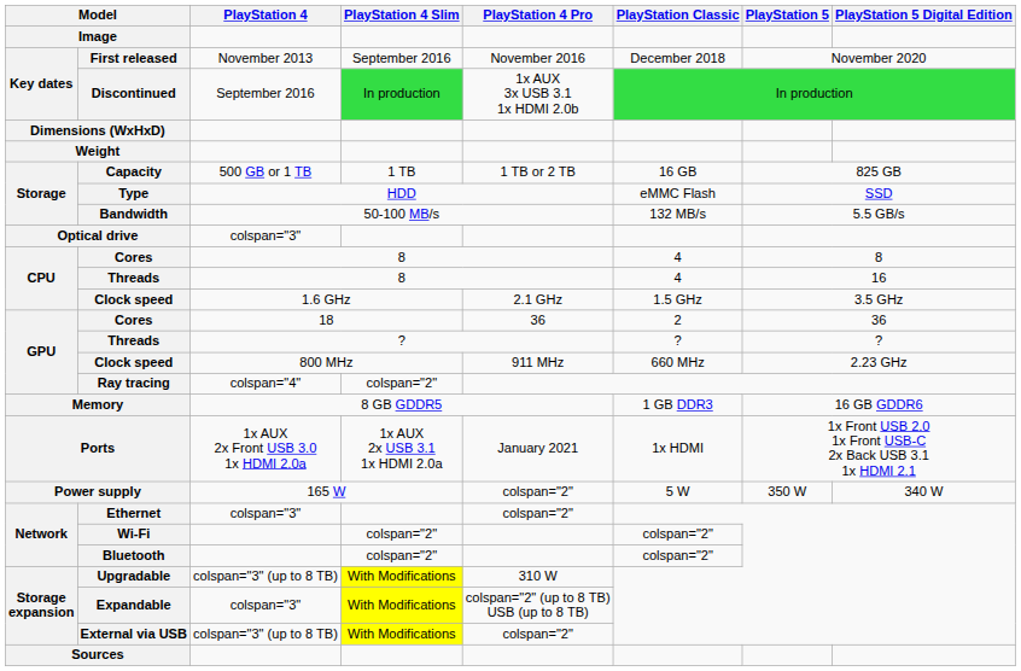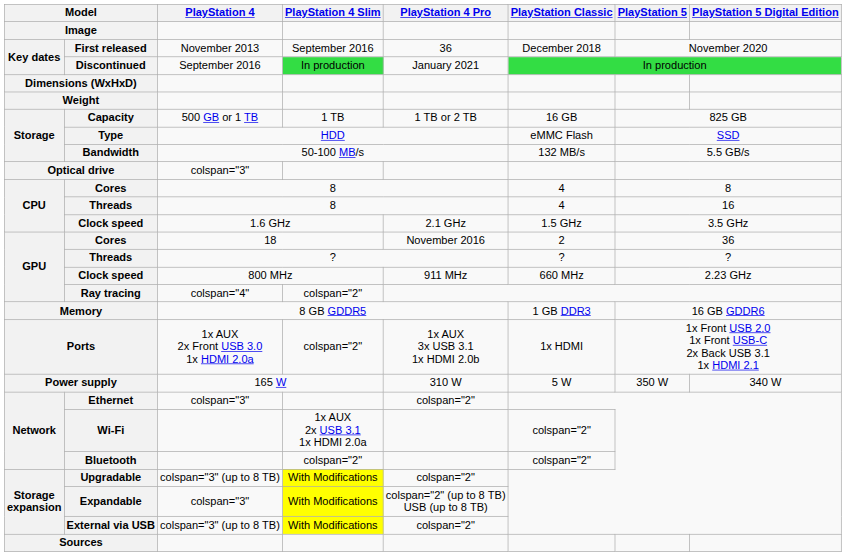 <table class="wikitable mw-collapsible" style="text-align:center;">
 <tr>
 <th colspan="2">Model</th>
 <th><a href='#'>PlayStation 4</a></th>
 <th><a href='#'>PlayStation 4 Slim</a></th>
 <th><a href='#'>PlayStation 4 Pro</a></th>
 <th><a href='#'>PlayStation Classic</a></th>
 <th><a href='#'>PlayStation 5</a></th>
 <th><a href='#'>PlayStation 5 Digital Edition</a></th>
 </tr>
 <tr>
 <th colspan="2">Image</th>
 <td></td>
 <td></td>
 <td></td>
 <td></td>
 <td></td>
 <td></td>
 </tr>
 <tr>
 <th rowspan="2">Key dates</th>
 <th>First released</th>
 <td>November 2013</td>
 <td>September 2016</td>
-<td>November 2016</td>
+<td>36</td>
 <td>December 2018</td>
 <td colspan="2">November 2020</td>
 </tr>
 <tr>
 <th>Discontinued</th>
 <td>September 2016</td>
 <td style="background:#3d4;">In production</td>
-<td>1x AUX<br>3x USB 3.1<br>1x HDMI 2.0b</td>
+<td>January 2021</td>
 <td colspan="3" style="background:#3d4;">In production</td>
 </tr>
 <tr>
 <th colspan="2">Dimensions (WxHxD)</th>
 <td></td>
 <td></td>
 <td></td>
 <td></td>
 <td></td>
 <td></td>
 </tr>
 <tr>
 <th colspan="2">Weight</th>
 <td></td>
 <td></td>
 <td></td>
 <td></td>
 <td></td>
 <td></td>
 </tr>
 <tr>
 <th rowspan="3">Storage</th>
 <th>Capacity</th>
 <td>500 <a href='#'>GB</a> or 1 <a href='#'>TB</a></td>
 <td>1 TB</td>
 <td>1 TB or 2 TB</td>
 <td>16 GB</td>
 <td colspan="2">825 GB</td>
 </tr>
 <tr>
 <th>Type</th>
 <td colspan="3"><a href='#'>HDD</a></td>
 <td>eMMC Flash</td>
 <td colspan="2"><a href='#'>SSD</a></td>
 </tr>
 <tr>
 <th>Bandwidth</th>
 <td colspan="3">50-100 <a href='#'>MB</a>/s</td>
 <td>132 MB/s</td>
 <td colspan="2">5.5 GB/s</td>
 </tr>
 <tr>
 <th colspan="2">Optical drive</th>
 <td>colspan="3" </td>
 <td></td>
 <td></td>
 <td></td>
 </tr>
 <tr>
 <th rowspan="3">CPU</th>
 <th>Cores</th>
 <td colspan="3">8</td>
 <td>4</td>
 <td colspan="2">8</td>
 </tr>
 <tr>
 <th>Threads</th>
 <td colspan="3">8</td>
 <td>4</td>
 <td colspan="2">16</td>
 </tr>
 <tr>
 <th>Clock speed</th>
 <td colspan="2">1.6 GHz</td>
 <td>2.1 GHz</td>
 <td>1.5 GHz</td>
 <td colspan="2">3.5 GHz</td>
 </tr>
 <tr>
 <th rowspan="4">GPU</th>
 <th>Cores</th>
 <td colspan="2">18</td>
-<td>36</td>
+<td>November 2016</td>
 <td>2</td>
 <td colspan="2">36</td>
 </tr>
 <tr>
 <th>Threads</th>
 <td colspan="3">?</td>
 <td>?</td>
 <td colspan="2">?</td>
 </tr>
 <tr>
 <th>Clock speed</th>
 <td colspan="2">800 MHz</td>
 <td>911 MHz</td>
 <td>660 MHz</td>
 <td colspan="2">2.23 GHz</td>
 </tr>
 <tr>
 <th>Ray tracing</th>
 <td>colspan="4" </td>
 <td>colspan="2" </td>
 </tr>
 <tr>
 <th colspan="2">Memory</th>
 <td colspan="3">8 GB <a href='#'>GDDR5</a></td>
 <td>1 GB <a href='#'>DDR3</a></td>
 <td colspan="2">16 GB <a href='#'>GDDR6</a></td>
 </tr>
 <tr>
 <th colspan="2">Ports</th>
 <td>1x AUX<br>2x Front <a href='#'>USB 3.0</a><br>1x <a href='#'>HDMI 2.0a</a></td>
-<td>1x AUX<br>2x <a href='#'>USB 3.1</a><br>1x HDMI 2.0a</td>
-<td>January 2021</td>
+<td>colspan="2" </td>
+<td>1x AUX<br>3x USB 3.1<br>1x HDMI 2.0b</td>
 <td>1x HDMI</td>
 <td colspan="2">1x Front <a href='#'>USB 2.0</a><br>1x Front <a href='#'>USB-C</a><br>2x Back USB 3.1<br>1x <a href='#'>HDMI 2.1</a></td>
 </tr>
 <tr>
 <th colspan="2">Power supply</th>
 <td colspan="2">165 <a href='#'>W</a></td>
-<td>colspan="2" </td>
+<td>310 W</td>
 <td>5 W</td>
 <td>350 W</td>
 <td>340 W</td>
 </tr>
 <tr>
 <th rowspan="3">Network</th>
 <th>Ethernet</th>
 <td>colspan="3" </td>
 <td></td>
 <td>colspan="2" </td>
 </tr>
 <tr>
 <th>Wi-Fi</th>
 <td></td>
-<td>colspan="2" </td>
+<td>1x AUX<br>2x <a href='#'>USB 3.1</a><br>1x HDMI 2.0a</td>
 <td></td>
 <td>colspan="2" </td>
 </tr>
 <tr>
 <th>Bluetooth</th>
 <td></td>
 <td>colspan="2" </td>
 <td></td>
 <td>colspan="2" </td>
 </tr>
 <tr>
 <th rowspan="3">Storage<br>expansion</th>
 <th>Upgradable</th>
 <td>colspan="3"  (up to 8 TB)</td>
 <td style="background:#FFFF00;">With Modifications</td>
-<td>310 W</td>
+<td>colspan="2" </td>
 </tr>
 <tr>
 <th>Expandable</th>
 <td>colspan="3" </td>
 <td style="background:#FFFF00;">With Modifications</td>
 <td>colspan="2"  (up to 8 TB) <br>USB (up to 8 TB)</td>
 </tr>
 <tr>
 <th>External via USB</th>
 <td>colspan="3"  (up to 8 TB)</td>
 <td style="background:#FFFF00;">With Modifications</td>
 <td>colspan="2" </td>
 </tr>
 <tr>
 <th colspan="2">Sources</th>
 <td></td>
 <td></td>
 <td></td>
 <td></td>
 <td></td>
 <td></td>
 </tr>
 </table>
